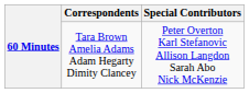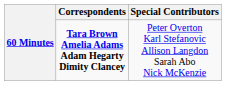 <table class="wikitable">
 <tr>
 <th rowspan=2><a href='#'>60 Minutes</a></th>
 <th>Correspondents</th>
 <th>Special Contributors</th>
 </tr>
 <tr style="text-align:center">
-<td><a href='#'>Tara Brown</a><br><a href='#'>Amelia Adams</a><br>Adam Hegarty<br>Dimity Clancey</td>
+<td><strong><a href='#'>Tara Brown</a><br><a href='#'>Amelia Adams</a><br>Adam Hegarty<br>Dimity Clancey</strong></td>
 <td><a href='#'>Peter Overton</a><br><a href='#'>Karl Stefanovic</a><br><a href='#'>Allison Langdon</a><br>Sarah Abo<br><a href='#'>Nick McKenzie</a></td>
 </tr>
 </table>
